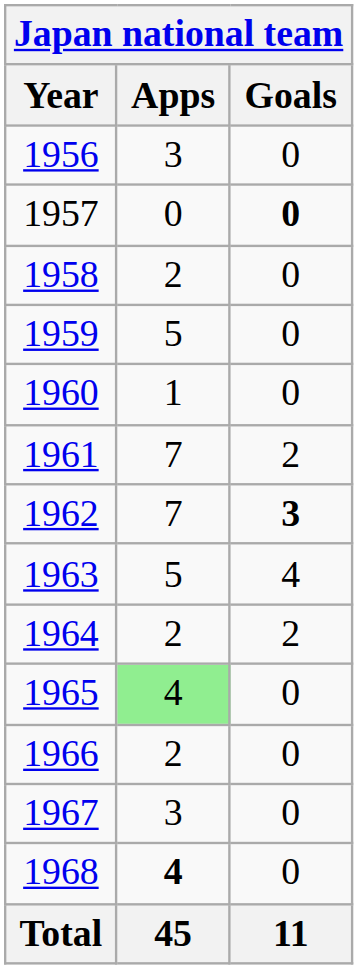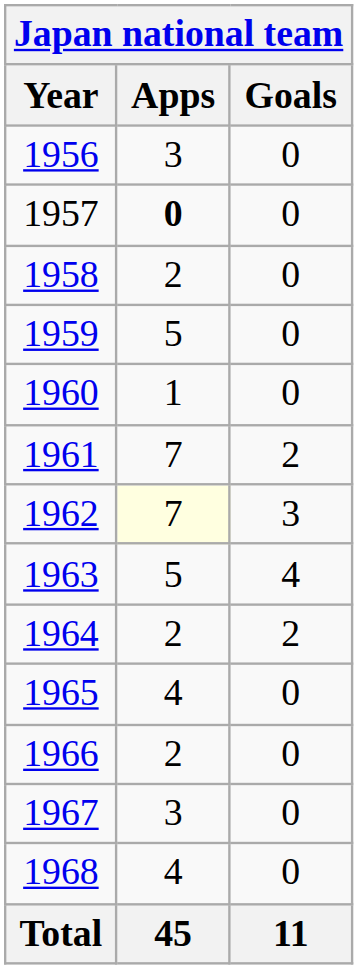 <table class="wikitable" style="text-align:center">
 <tr>
 <th colspan=3><a href='#'>Japan national team</a></th>
 </tr>
 <tr>
 <th>Year</th>
 <th>Apps</th>
 <th>Goals</th>
 </tr>
 <tr>
 <td><a href='#'>1956</a></td>
 <td>3</td>
 <td>0</td>
 </tr>
 <tr>
 <td>1957</td>
+<td><strong>0</strong></td>
 <td>0</td>
-<td><strong>0</strong></td>
 </tr>
 <tr>
 <td><a href='#'>1958</a></td>
 <td>2</td>
 <td>0</td>
 </tr>
 <tr>
 <td><a href='#'>1959</a></td>
 <td>5</td>
 <td>0</td>
 </tr>
 <tr>
 <td><a href='#'>1960</a></td>
 <td>1</td>
 <td>0</td>
 </tr>
 <tr>
 <td><a href='#'>1961</a></td>
 <td>7</td>
 <td>2</td>
 </tr>
 <tr>
 <td><a href='#'>1962</a></td>
-<td>7</td>
-<td><strong>3</strong></td>
+<td style="background: lightyellow;">7</td>
+<td>3</td>
 </tr>
 <tr>
 <td><a href='#'>1963</a></td>
 <td>5</td>
 <td>4</td>
 </tr>
 <tr>
 <td><a href='#'>1964</a></td>
 <td>2</td>
 <td>2</td>
 </tr>
 <tr>
 <td><a href='#'>1965</a></td>
-<td style="background: lightgreen;">4</td>
+<td>4</td>
 <td>0</td>
 </tr>
 <tr>
 <td><a href='#'>1966</a></td>
 <td>2</td>
 <td>0</td>
 </tr>
 <tr>
 <td><a href='#'>1967</a></td>
 <td>3</td>
 <td>0</td>
 </tr>
 <tr>
 <td><a href='#'>1968</a></td>
-<td><strong>4</strong></td>
+<td>4</td>
 <td>0</td>
 </tr>
 <tr>
 <th>Total</th>
 <th>45</th>
 <th>11</th>
 </tr>
 </table>
